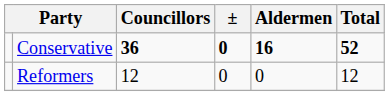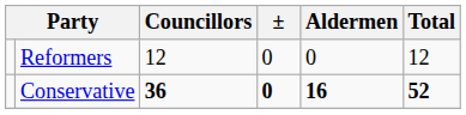 <table class="wikitable">
 <tr>
 <th colspan="2">Party</th>
 <th>Councillors</th>
 <th>  ±  </th>
 <th>Aldermen</th>
 <th>Total</th>
 </tr>
 <tr>
 <td style="background-color: "></td>
+<td><a href='#'>Reformers</a></td>
+<td>12</td>
+<td>0</td>
+<td>0</td>
+<td>12</td>
+</tr>
+<tr>
+<td style="background-color: "></td>
 <td><a href='#'>Conservative</a></td>
 <td><strong>36</strong></td>
 <td><strong>0</strong></td>
 <td><strong>16</strong></td>
 <td><strong>52</strong></td>
 </tr>
 <tr>
-<td style="background-color: "></td>
-<td><a href='#'>Reformers</a></td>
-<td>12</td>
-<td>0</td>
-<td>0</td>
-<td>12</td>
-</tr>
-<tr>
 </tr>
 </table>
